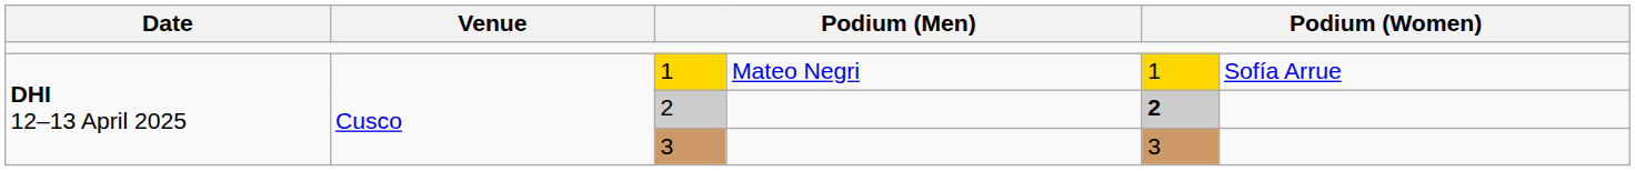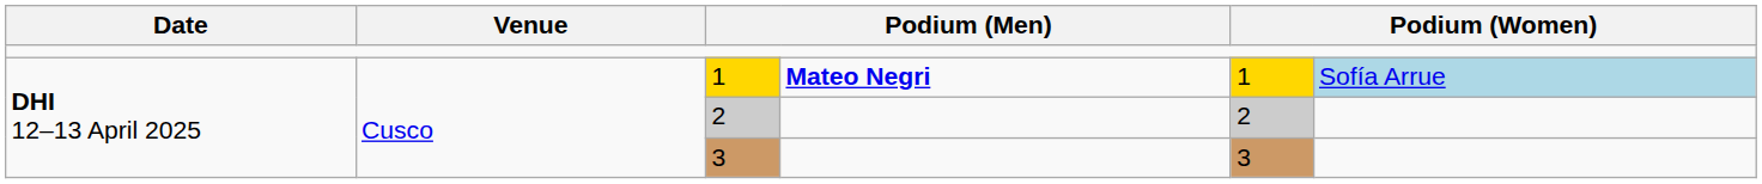 <table class="wikitable" width=70%>
 <tr>
 <th>Date</th>
 <th width=20%>Venue</th>
 <th colspan=2 width=30%>Podium (Men)</th>
 <th colspan=2 width=30%>Podium (Women)</th>
 </tr>
 <tr>
 <td colspan=6></td>
 </tr>
 <tr>
 <td rowspan=3><strong>DHI</strong> <br> 12–13 April 2025</td>
 <td rowspan=3><br><a href='#'>Cusco</a></td>
 <td bgcolor=FFD700>1</td>
-<td><a href='#'>Mateo Negri</a></td>
+<td><strong><a href='#'>Mateo Negri</a></strong></td>
 <td bgcolor=FFD700>1</td>
-<td><a href='#'>Sofía Arrue</a></td>
+<td style="background: lightblue;"><a href='#'>Sofía Arrue</a></td>
 </tr>
 <tr>
 <td bgcolor=CCCCCC>2</td>
 <td></td>
-<td bgcolor=CCCCCC><strong>2</strong></td>
+<td bgcolor=CCCCCC>2</td>
 <td></td>
 </tr>
 <tr>
 <td bgcolor=CC9966>3</td>
 <td></td>
 <td bgcolor=CC9966>3</td>
 <td></td>
 </tr>
 </table>
